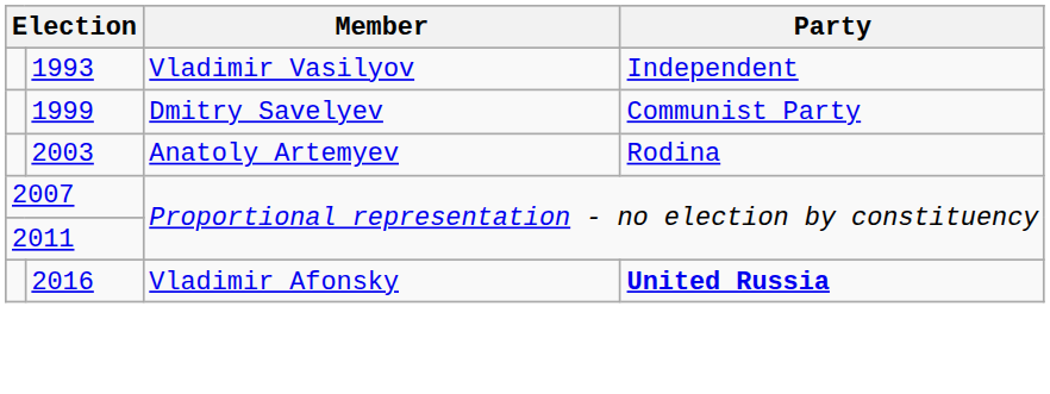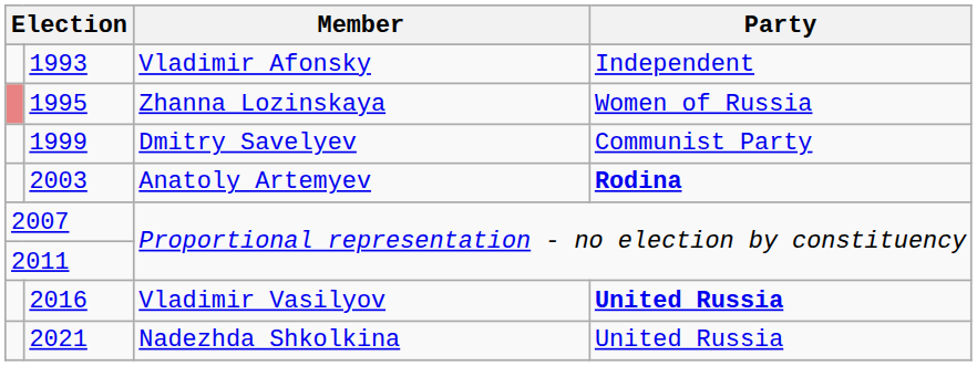 <table class="wikitable">
 <tr>
 <th colspan="2">Election</th>
 <th>Member</th>
 <th>Party</th>
 </tr>
 <tr>
 <td style="background-color:"></td>
 <td><a href='#'>1993</a></td>
-<td><a href='#'>Vladimir Vasilyov</a></td>
+<td><a href='#'>Vladimir Afonsky</a></td>
 <td><a href='#'>Independent</a></td>
+</tr>
+<tr>
+<td style="background-color:#E98282"></td>
+<td><a href='#'>1995</a></td>
+<td><a href='#'>Zhanna Lozinskaya</a></td>
+<td><a href='#'>Women of Russia</a></td>
 </tr>
 <tr>
 <td style="background-color:"></td>
 <td><a href='#'>1999</a></td>
 <td><a href='#'>Dmitry Savelyev</a></td>
 <td><a href='#'>Communist Party</a></td>
 </tr>
 <tr>
 <td style="background-color:"></td>
 <td><a href='#'>2003</a></td>
 <td><a href='#'>Anatoly Artemyev</a></td>
-<td><a href='#'>Rodina</a></td>
+<td><strong><a href='#'>Rodina</a></strong></td>
 </tr>
 <tr>
 <td colspan=2><a href='#'>2007</a></td>
 <td colspan=2 rowspan=2><em><a href='#'>Proportional representation</a> - no election by constituency</em></td>
 </tr>
 <tr>
 <td colspan=2><a href='#'>2011</a></td>
 </tr>
 <tr>
 <td style="background-color: "></td>
 <td><a href='#'>2016</a></td>
-<td><a href='#'>Vladimir Afonsky</a></td>
+<td><a href='#'>Vladimir Vasilyov</a></td>
 <td><strong><a href='#'>United Russia</a></strong></td>
 </tr>
+<tr>
+<td style="background-color: "></td>
+<td><a href='#'>2021</a></td>
+<td><a href='#'>Nadezhda Shkolkina</a></td>
+<td><a href='#'>United Russia</a></td>
+</tr>
 </table>
